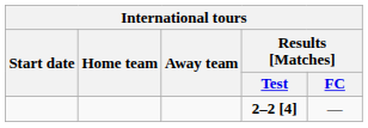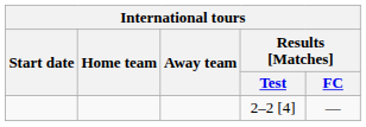 <table class="wikitable" style="text-align:center;">
 <tr>
 <th colspan="7">International tours</th>
 </tr>
 <tr>
 <th rowspan="2">Start date</th>
 <th rowspan="2">Home team</th>
 <th rowspan="2">Away team</th>
 <th colspan="2">Results [Matches]</th>
 </tr>
 <tr>
 <th width=60px><a href='#'>Test</a></th>
 <th width=50px><a href='#'>FC</a></th>
 </tr>
 <tr>
 <td><a href='#'></a></td>
 <td style="text-align:left"></td>
 <td style="text-align:left"></td>
-<td><strong>2–2 [4]</strong></td>
+<td>2–2 [4]</td>
 <td ; style="text-align:center">—</td>
 </tr>
 </table>
